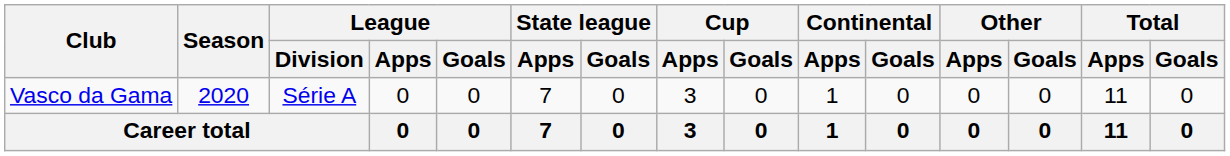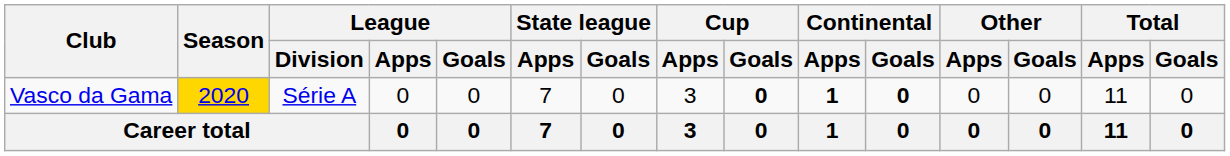 <table class="wikitable" style="text-align: center">
 <tr>
 <th rowspan="2">Club</th>
 <th rowspan="2">Season</th>
 <th colspan="3">League</th>
 <th colspan="2">State league</th>
 <th colspan="2">Cup</th>
 <th colspan="2">Continental</th>
 <th colspan="2">Other</th>
 <th colspan="2">Total</th>
 </tr>
 <tr>
 <th>Division</th>
 <th>Apps</th>
 <th>Goals</th>
 <th>Apps</th>
 <th>Goals</th>
 <th>Apps</th>
 <th>Goals</th>
 <th>Apps</th>
 <th>Goals</th>
 <th>Apps</th>
 <th>Goals</th>
 <th>Apps</th>
 <th>Goals</th>
 </tr>
 <tr>
 <td><a href='#'>Vasco da Gama</a></td>
-<td><a href='#'>2020</a></td>
+<td style="background: gold;"><a href='#'>2020</a></td>
 <td><a href='#'>Série A</a></td>
 <td>0</td>
 <td>0</td>
 <td>7</td>
 <td>0</td>
 <td>3</td>
-<td>0</td>
-<td>1</td>
-<td>0</td>
+<td><strong>0</strong></td>
+<td><strong>1</strong></td>
+<td><strong>0</strong></td>
 <td>0</td>
 <td>0</td>
 <td>11</td>
 <td>0</td>
 </tr>
 <tr>
 <th colspan="3"><strong>Career total</strong></th>
 <th>0</th>
 <th>0</th>
 <th>7</th>
 <th>0</th>
 <th>3</th>
 <th>0</th>
 <th>1</th>
 <th>0</th>
 <th>0</th>
 <th>0</th>
 <th>11</th>
 <th>0</th>
 </tr>
 </table>
